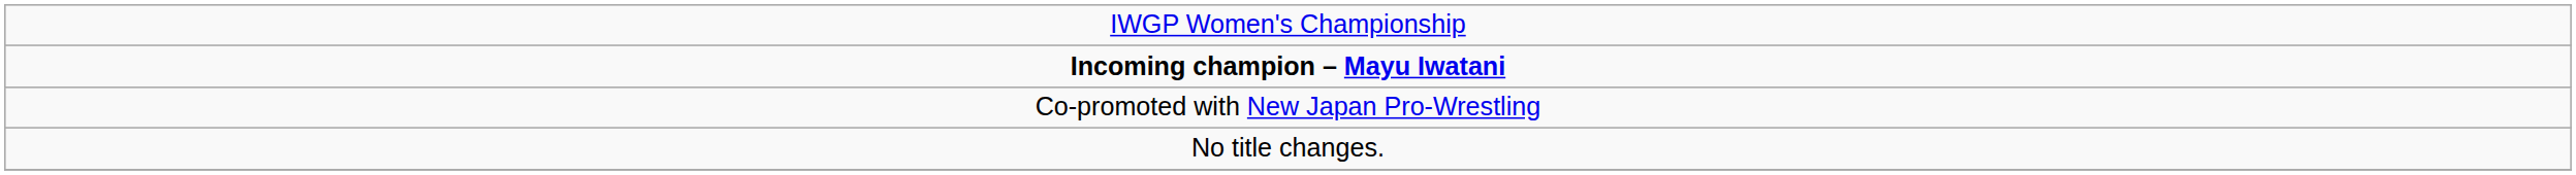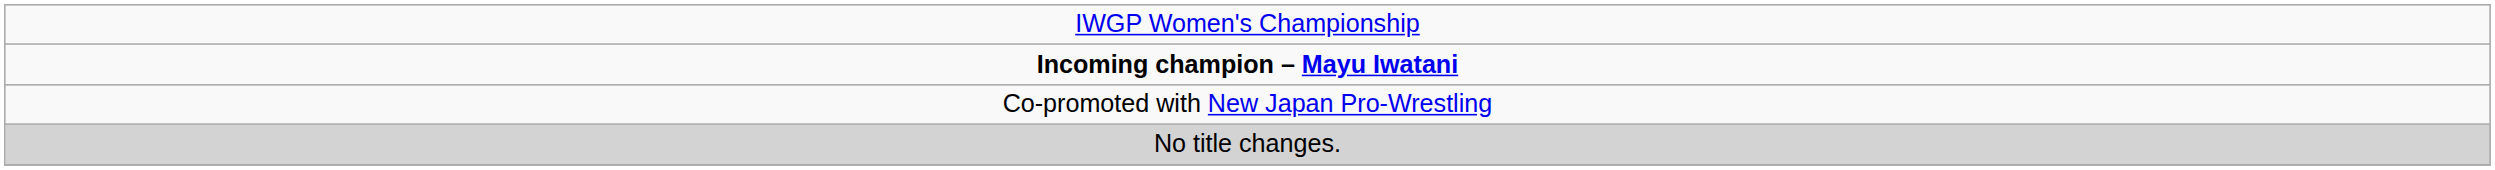 <table class="wikitable" style="text-align:center; width:100%;">
 <tr>
 <td colspan="4" style="text-align: center;"><a href='#'>IWGP Women's Championship</a></td>
 </tr>
 <tr>
 <td colspan="4" style="text-align: center;"><strong>Incoming champion – <a href='#'>Mayu Iwatani</a></strong></td>
 </tr>
 <tr>
 <td colspan=4>Co-promoted with <a href='#'>New Japan Pro-Wrestling</a></td>
 </tr>
 <tr>
-<td>No title changes.</td>
+<td style="background: lightgrey;">No title changes.</td>
 </tr>
 <tr>
 </tr>
 </table>
